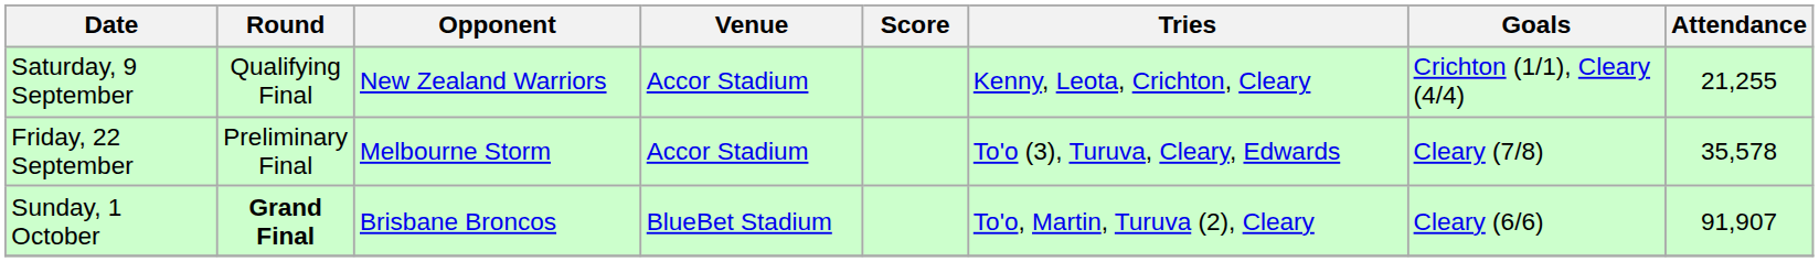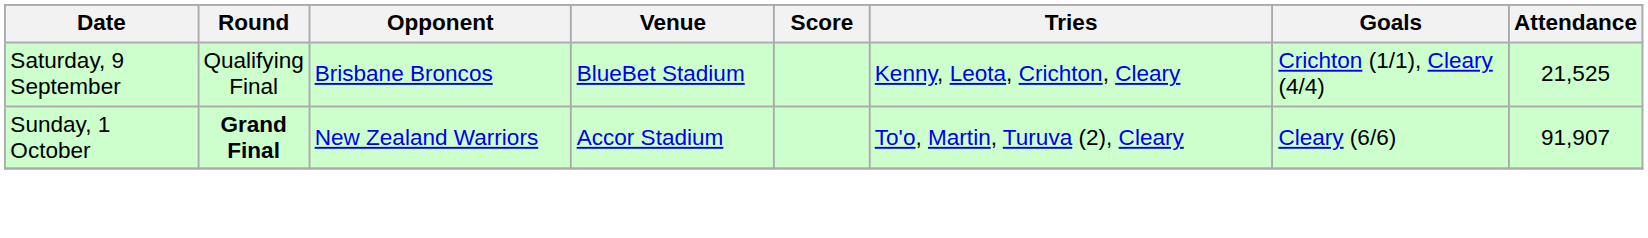 <table class="wikitable" style="font-size:75%;">
 <tr>
 <th style="width:115px;">Date</th>
 <th style="width:50px;">Round</th>
 <th style="width:170px;">Opponent</th>
 <th style="width:130px;">Venue</th>
 <th style="width:50px;">Score</th>
 <th style="width:285px;">Tries</th>
 <th style="width:155px;">Goals</th>
 <th style="width:60px;">Attendance</th>
 </tr>
 <tr style="background:#CCFFCC">
 <td>Saturday, 9 September</td>
 <td style="text-align:center;">Qualifying Final</td>
-<td> <a href='#'>New Zealand Warriors</a></td>
-<td><a href='#'>Accor Stadium</a></td>
+<td> <a href='#'>Brisbane Broncos</a></td>
+<td><a href='#'>BlueBet Stadium</a></td>
 <td style="text-align:center;"></td>
 <td><a href='#'>Kenny</a>, <a href='#'>Leota</a>, <a href='#'>Crichton</a>, <a href='#'>Cleary</a></td>
 <td><a href='#'>Crichton</a> (1/1), <a href='#'>Cleary</a> (4/4)</td>
-<td style="text-align:center;">21,255</td>
-</tr>
-<tr style="background:#CCFFCC">
-<td>Friday, 22 September</td>
-<td style="text-align:center;">Preliminary Final</td>
-<td> <a href='#'>Melbourne Storm</a></td>
-<td><a href='#'>Accor Stadium</a></td>
-<td style="text-align:center;"></td>
-<td><a href='#'>To'o</a> (3), <a href='#'>Turuva</a>, <a href='#'>Cleary</a>, <a href='#'>Edwards</a></td>
-<td><a href='#'>Cleary</a> (7/8)</td>
-<td style="text-align:center;">35,578</td>
+<td style="text-align:center;">21,525</td>
 </tr>
 <tr style="background:#CCFFCC">
 <td>Sunday, 1 October</td>
 <td style="text-align:center;"><strong>Grand Final</strong></td>
-<td> <a href='#'>Brisbane Broncos</a></td>
-<td><a href='#'>BlueBet Stadium</a></td>
+<td> <a href='#'>New Zealand Warriors</a></td>
+<td><a href='#'>Accor Stadium</a></td>
 <td style="text-align:center;"></td>
 <td><a href='#'>To'o</a>, <a href='#'>Martin</a>, <a href='#'>Turuva</a> (2), <a href='#'>Cleary</a></td>
 <td><a href='#'>Cleary</a> (6/6)</td>
 <td style="text-align:center;">91,907</td>
 </tr>
 <tr>
 </tr>
 </table>
